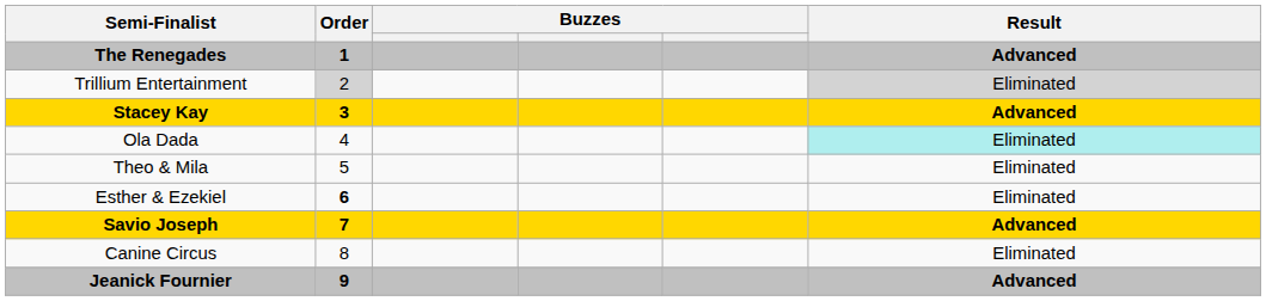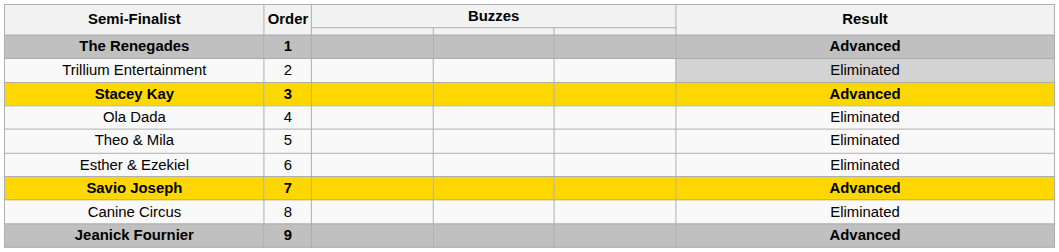 <table class="wikitable plainrowheaders sortable" style="text-align:center;">
 <tr>
 <th scope="col" rowspan="2" class="unsortable" style="width:17em;">Semi-Finalist</th>
 <th scope="col" rowspan="2" style="width:1em;">Order</th>
 <th scope="col" colspan="3" class="unsortable" style="width:24em;">Buzzes</th>
 <th scope="col" rowspan="2" style="width:25em;">Result</th>
 </tr>
 <tr>
 <th scope="col" class="unsortable" style="width:6em;"></th>
 <th scope="col" class="unsortable" style="width:6em;"></th>
 <th scope="col" class="unsortable" style="width:6em;"></th>
 </tr>
 <tr style="background:silver;">
 <td><strong>The Renegades</strong></td>
 <td><strong>1</strong></td>
 <td style="text-align:center"></td>
 <td style="text-align:center"></td>
 <td style="text-align:center"></td>
 <td><strong>Advanced</strong></td>
 </tr>
 <tr>
 <td>Trillium Entertainment</td>
-<td style="background: lightgrey;">2</td>
+<td>2</td>
 <td style="text-align:center"></td>
 <td style="text-align:center"></td>
 <td style="text-align:center"></td>
 <td style="background: lightgrey;">Eliminated</td>
 </tr>
 <tr style="background:gold;">
 <td><strong>Stacey Kay</strong></td>
 <td><strong>3</strong></td>
 <td style="text-align:center"></td>
 <td style="text-align:center"></td>
 <td style="text-align:center"></td>
 <td><strong>Advanced</strong></td>
 </tr>
 <tr>
 <td>Ola Dada</td>
 <td>4</td>
 <td style="text-align:center"></td>
 <td style="text-align:center"></td>
 <td style="text-align:center"></td>
-<td style="background: paleturquoise;">Eliminated</td>
+<td>Eliminated</td>
 </tr>
 <tr>
 <td>Theo & Mila</td>
 <td>5</td>
 <td style="text-align:center"></td>
 <td style="text-align:center"></td>
 <td style="text-align:center"></td>
 <td>Eliminated</td>
 </tr>
 <tr>
 <td>Esther & Ezekiel</td>
-<td><strong>6</strong></td>
+<td>6</td>
 <td style="text-align:center"></td>
 <td style="text-align:center"></td>
 <td style="text-align:center"></td>
 <td>Eliminated</td>
 </tr>
 <tr style="background:gold;">
 <td><strong>Savio Joseph</strong></td>
 <td><strong>7</strong></td>
 <td style="text-align:center"></td>
 <td style="text-align:center"></td>
 <td style="text-align:center"></td>
 <td><strong>Advanced</strong></td>
 </tr>
 <tr>
 <td>Canine Circus</td>
 <td>8</td>
 <td style="text-align:center"></td>
 <td style="text-align:center"></td>
 <td style="text-align:center"></td>
 <td>Eliminated</td>
 </tr>
 <tr style="background:silver;">
 <td><strong>Jeanick Fournier</strong></td>
 <td><strong>9</strong></td>
 <td style="text-align:center"></td>
 <td style="text-align:center"></td>
 <td style="text-align:center"></td>
 <td><strong>Advanced</strong></td>
 </tr>
 </table>
